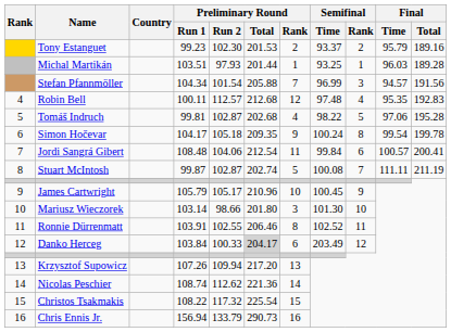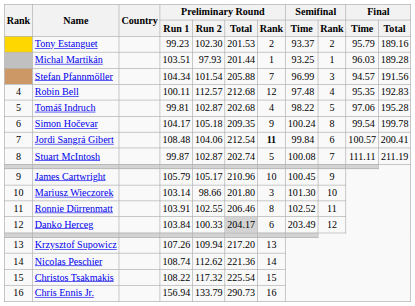 <table class="wikitable sortable" style="text-align:center">
 <tr>
 <th rowspan=2>Rank</th>
 <th rowspan=2>Name</th>
 <th rowspan=2>Country</th>
 <th colspan=4>Preliminary Round</th>
 <th colspan=2>Semifinal</th>
 <th colspan=2>Final</th>
 </tr>
 <tr>
 <th>Run 1</th>
 <th>Run 2</th>
 <th>Total</th>
 <th>Rank</th>
 <th>Time</th>
 <th>Rank</th>
 <th>Time</th>
 <th>Total</th>
 </tr>
 <tr>
 <td bgcolor=gold></td>
 <td align=left><a href='#'>Tony Estanguet</a></td>
 <td></td>
 <td> 99.23</td>
 <td>102.30</td>
 <td>201.53</td>
 <td>2</td>
 <td> 93.37</td>
 <td>2</td>
 <td> 95.79</td>
 <td>189.16</td>
 </tr>
 <tr>
 <td bgcolor=silver></td>
 <td align=left><a href='#'>Michal Martikán</a></td>
 <td></td>
 <td>103.51</td>
 <td> 97.93</td>
 <td>201.44</td>
 <td>1</td>
 <td> 93.25</td>
 <td>1</td>
 <td> 96.03</td>
 <td>189.28</td>
 </tr>
 <tr>
 <td bgcolor=cc9966></td>
 <td align=left><a href='#'>Stefan Pfannmöller</a></td>
 <td></td>
 <td>104.34</td>
 <td>101.54</td>
 <td>205.88</td>
 <td>7</td>
 <td> 96.99</td>
 <td>3</td>
 <td> 94.57</td>
 <td>191.56</td>
 </tr>
 <tr>
 <td>4</td>
 <td align=left><a href='#'>Robin Bell</a></td>
 <td></td>
 <td>100.11</td>
 <td>112.57</td>
 <td>212.68</td>
 <td>12</td>
 <td> 97.48</td>
 <td>4</td>
 <td> 95.35</td>
 <td>192.83</td>
 </tr>
 <tr>
 <td>5</td>
 <td align=left><a href='#'>Tomáš Indruch</a></td>
 <td></td>
 <td> 99.81</td>
 <td>102.87</td>
 <td>202.68</td>
 <td>4</td>
 <td> 98.22</td>
 <td>5</td>
 <td> 97.06</td>
 <td>195.28</td>
 </tr>
 <tr>
 <td>6</td>
 <td align=left><a href='#'>Simon Hočevar</a></td>
 <td></td>
 <td>104.17</td>
 <td>105.18</td>
 <td>209.35</td>
 <td>9</td>
 <td>100.24</td>
 <td>8</td>
 <td> 99.54</td>
 <td>199.78</td>
 </tr>
 <tr>
 <td>7</td>
 <td align=left><a href='#'>Jordi Sangrá Gibert</a></td>
 <td></td>
 <td>108.48</td>
 <td>104.06</td>
 <td>212.54</td>
-<td>11</td>
+<td><strong>11</strong></td>
 <td> 99.84</td>
 <td>6</td>
 <td>100.57</td>
 <td>200.41</td>
 </tr>
 <tr>
 <td>8</td>
 <td align=left><a href='#'>Stuart McIntosh</a></td>
 <td></td>
 <td> 99.87</td>
 <td>102.87</td>
 <td>202.74</td>
 <td>5</td>
 <td>100.08</td>
 <td>7</td>
 <td>111.11</td>
 <td>211.19</td>
 </tr>
 <tr bgcolor=lightgray>
 <td></td>
 <td></td>
 <td></td>
 <td></td>
 <td></td>
 <td></td>
 <td></td>
 <td></td>
 <td></td>
 <td></td>
 </tr>
 <tr>
 <td>9</td>
 <td align=left><a href='#'>James Cartwright</a></td>
 <td></td>
 <td>105.79</td>
 <td>105.17</td>
 <td>210.96</td>
 <td>10</td>
 <td>100.45</td>
 <td>9</td>
 </tr>
 <tr>
 <td>10</td>
 <td align=left><a href='#'>Mariusz Wieczorek</a></td>
 <td></td>
 <td>103.14</td>
 <td> 98.66</td>
 <td>201.80</td>
 <td>3</td>
 <td>101.30</td>
 <td>10</td>
 </tr>
 <tr>
 <td>11</td>
 <td align=left><a href='#'>Ronnie Dürrenmatt</a></td>
 <td></td>
 <td>103.91</td>
 <td>102.55</td>
 <td>206.46</td>
 <td>8</td>
 <td>102.52</td>
 <td>11</td>
 </tr>
 <tr>
 <td>12</td>
 <td align=left><a href='#'>Danko Herceg</a></td>
 <td></td>
 <td>103.84</td>
 <td>100.33</td>
 <td style="background: lightgrey;">204.17</td>
 <td>6</td>
 <td>203.49</td>
 <td>12</td>
 </tr>
 <tr bgcolor=lightgray>
 <td></td>
 <td></td>
 <td></td>
 <td></td>
 <td></td>
 <td></td>
 <td></td>
 <td></td>
 </tr>
 <tr>
 <td>13</td>
 <td align=left><a href='#'>Krzysztof Supowicz</a></td>
 <td></td>
 <td>107.26</td>
 <td>109.94</td>
 <td>217.20</td>
 <td>13</td>
 </tr>
 <tr>
 <td>14</td>
 <td align=left><a href='#'>Nicolas Peschier</a></td>
 <td></td>
 <td>108.74</td>
 <td>112.62</td>
 <td>221.36</td>
 <td>14</td>
 </tr>
 <tr>
 <td>15</td>
 <td align=left><a href='#'>Christos Tsakmakis</a></td>
 <td></td>
 <td>108.22</td>
 <td>117.32</td>
 <td>225.54</td>
 <td>15</td>
 </tr>
 <tr>
 <td>16</td>
 <td align=left><a href='#'>Chris Ennis Jr.</a></td>
 <td></td>
 <td>156.94</td>
 <td>133.79</td>
 <td>290.73</td>
 <td>16</td>
 </tr>
 </table>
